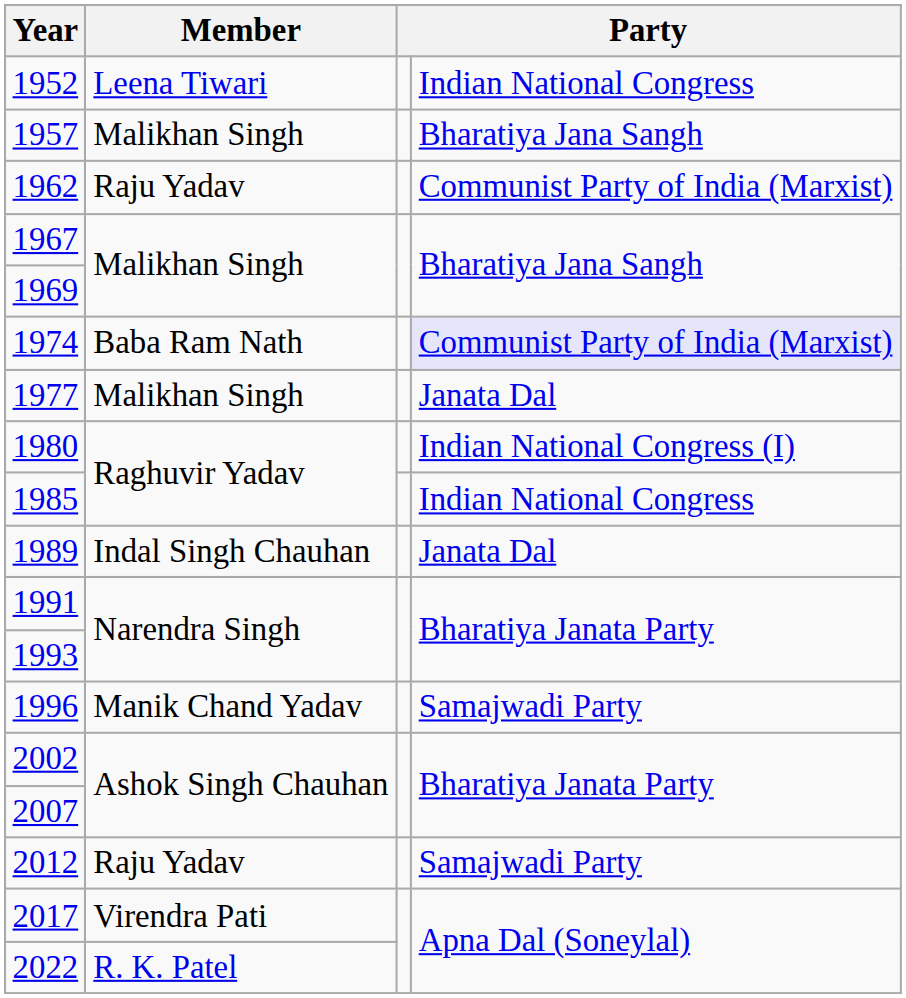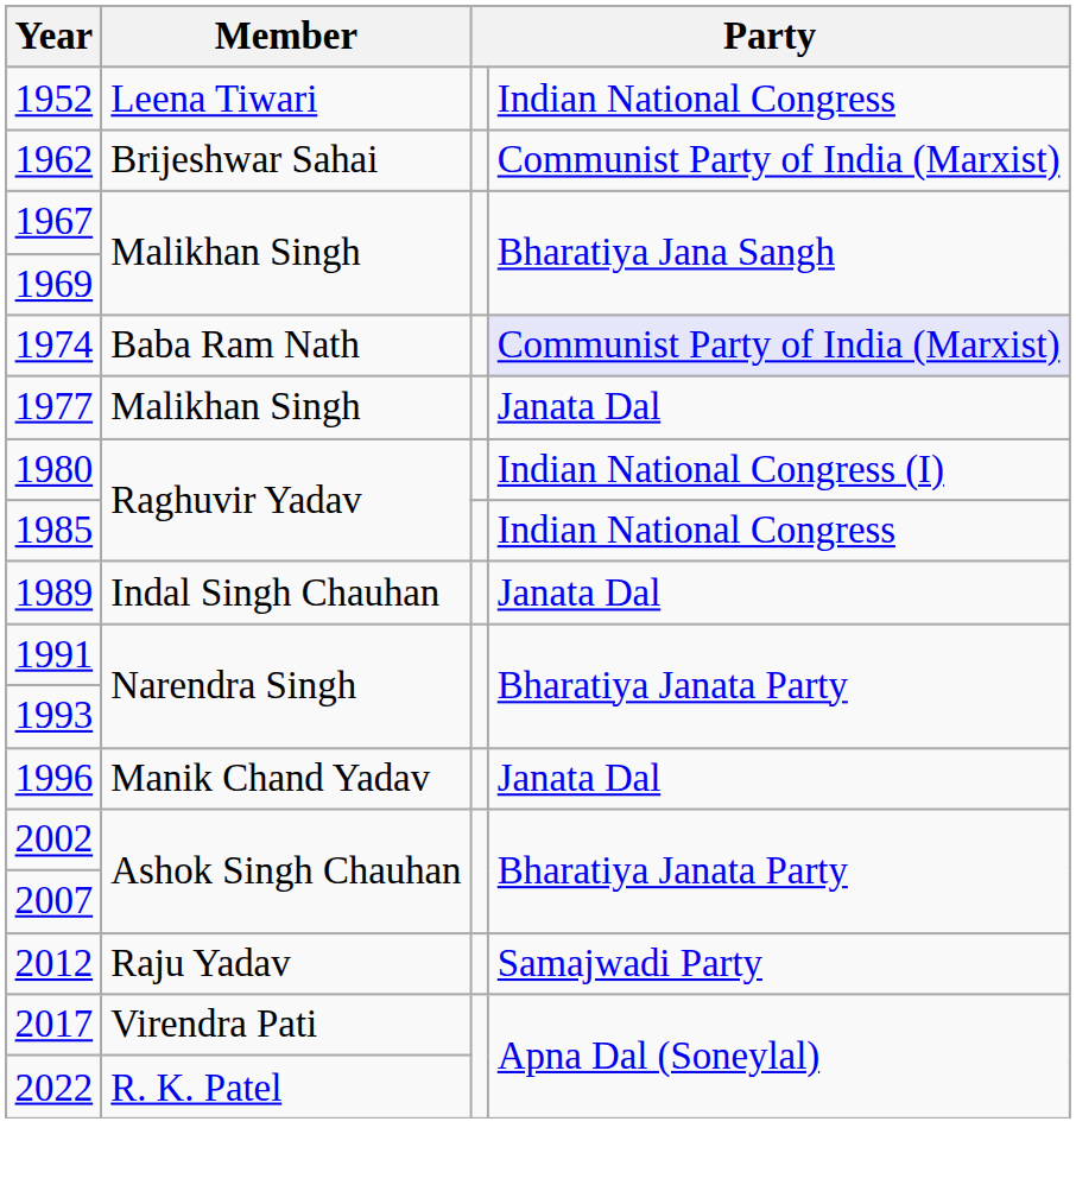 <table class="wikitable">
 <tr>
 <th>Year</th>
 <th>Member</th>
 <th colspan="2">Party</th>
 </tr>
 <tr>
 <td><a href='#'>1952</a></td>
 <td><a href='#'>Leena Tiwari</a></td>
 <td style="background-color: "></td>
 <td><a href='#'>Indian National Congress</a></td>
 </tr>
 <tr>
-<td><a href='#'>1957</a></td>
-<td>Malikhan Singh</td>
-<td style="background-color: "></td>
-<td><a href='#'>Bharatiya Jana Sangh</a></td>
-</tr>
-<tr>
 <td><a href='#'>1962</a></td>
-<td>Raju Yadav</td>
+<td>Brijeshwar Sahai</td>
 <td style="background-color: "></td>
 <td><a href='#'>Communist Party of India (Marxist)</a></td>
 </tr>
 <tr>
 <td><a href='#'>1967</a></td>
 <td rowspan="2">Malikhan Singh</td>
 <td rowspan="2" style="background-color: "></td>
 <td rowspan="2"><a href='#'>Bharatiya Jana Sangh</a></td>
 </tr>
 <tr>
 <td><a href='#'>1969</a></td>
 </tr>
 <tr>
 <td><a href='#'>1974</a></td>
 <td>Baba Ram Nath</td>
 <td style="background-color: "></td>
 <td style="background: lavender;"><a href='#'>Communist Party of India (Marxist)</a></td>
 </tr>
 <tr>
 <td><a href='#'>1977</a></td>
 <td>Malikhan Singh</td>
 <td style="background-color: "></td>
 <td><a href='#'>Janata Dal</a></td>
 </tr>
 <tr>
 <td><a href='#'>1980</a></td>
 <td rowspan="2">Raghuvir Yadav</td>
 <td style="background-color: "></td>
 <td><a href='#'>Indian National Congress (I)</a></td>
 </tr>
 <tr>
 <td><a href='#'>1985</a></td>
 <td style="background-color: "></td>
 <td><a href='#'>Indian National Congress</a></td>
 </tr>
 <tr>
 <td><a href='#'>1989</a></td>
 <td>Indal Singh Chauhan</td>
 <td style="background-color: "></td>
 <td><a href='#'>Janata Dal</a></td>
 </tr>
 <tr>
 <td><a href='#'>1991</a></td>
 <td rowspan="2">Narendra Singh</td>
 <td rowspan="2" style="background-color: "></td>
 <td rowspan="2"><a href='#'>Bharatiya Janata Party</a></td>
 </tr>
 <tr>
 <td><a href='#'>1993</a></td>
 </tr>
 <tr>
 <td><a href='#'>1996</a></td>
 <td>Manik Chand Yadav</td>
 <td style="background-color: "></td>
-<td><a href='#'>Samajwadi Party</a></td>
+<td><a href='#'>Janata Dal</a></td>
 </tr>
 <tr>
 <td><a href='#'>2002</a></td>
 <td rowspan="2">Ashok Singh Chauhan</td>
 <td rowspan="2" style="background-color: "></td>
 <td rowspan="2"><a href='#'>Bharatiya Janata Party</a></td>
 </tr>
 <tr>
 <td><a href='#'>2007</a></td>
 </tr>
 <tr>
 <td><a href='#'>2012</a></td>
 <td>Raju Yadav</td>
 <td style="background-color: "></td>
 <td><a href='#'>Samajwadi Party</a></td>
 </tr>
 <tr>
 <td><a href='#'>2017</a></td>
 <td>Virendra Pati</td>
 <td rowspan="2" style="background-color: "></td>
 <td rowspan="2"><a href='#'>Apna Dal (Soneylal)</a></td>
 </tr>
 <tr>
 <td><a href='#'>2022</a></td>
 <td><a href='#'>R. K. Patel</a></td>
 </tr>
 </table>
